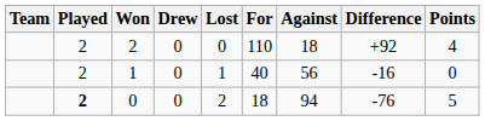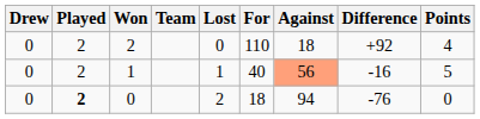 <table class="wikitable" style="text-align:center">
 <tr>
-<th>Team</th>
+<th>Drew</th>
 <th>Played</th>
 <th>Won</th>
-<th>Drew</th>
+<th>Team</th>
 <th>Lost</th>
 <th>For</th>
 <th>Against</th>
 <th>Difference</th>
 <th>Points</th>
 </tr>
 <tr>
-<td align=left></td>
+<td>0</td>
 <td>2</td>
 <td>2</td>
-<td>0</td>
+<td align=left></td>
 <td>0</td>
 <td>110</td>
 <td>18</td>
 <td>+92</td>
 <td>4</td>
 </tr>
 <tr>
-<td align=left></td>
+<td>0</td>
 <td>2</td>
 <td>1</td>
-<td>0</td>
+<td align=left></td>
 <td>1</td>
 <td>40</td>
-<td>56</td>
+<td style="background: lightsalmon;">56</td>
 <td>-16</td>
-<td>0</td>
+<td>5</td>
 </tr>
 <tr>
-<td align=left></td>
+<td>0</td>
 <td><strong>2</strong></td>
 <td>0</td>
-<td>0</td>
+<td align=left></td>
 <td>2</td>
 <td>18</td>
 <td>94</td>
 <td>-76</td>
-<td>5</td>
+<td>0</td>
 </tr>
 </table>
